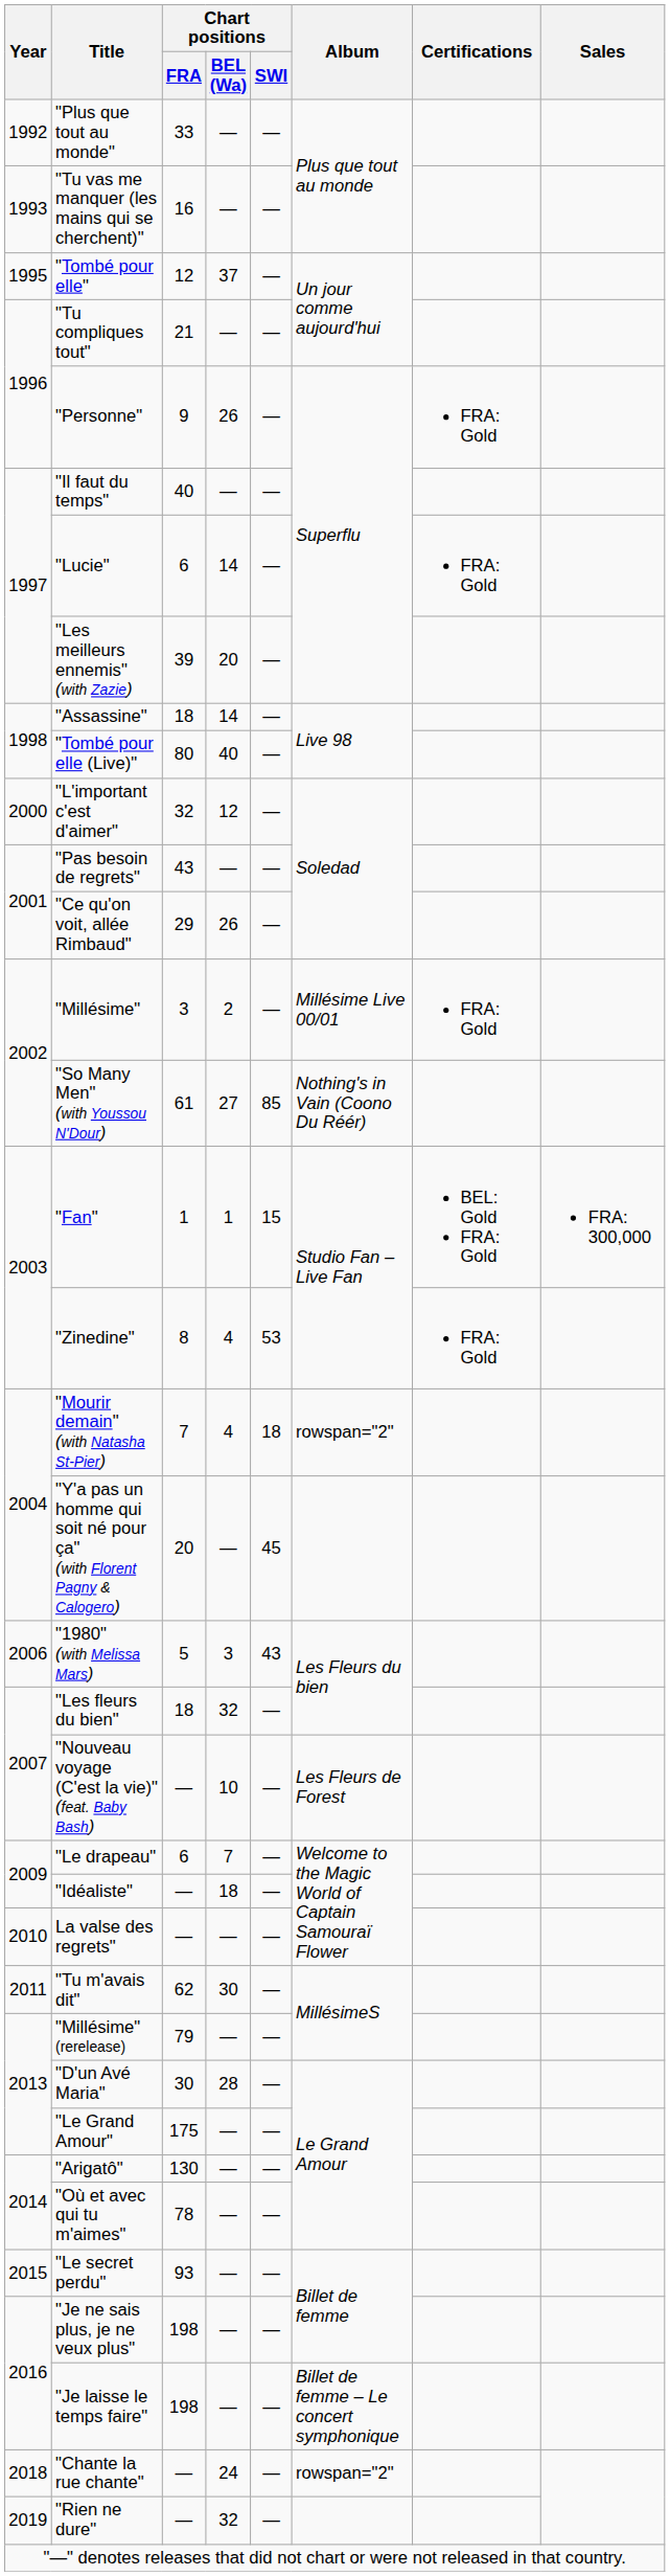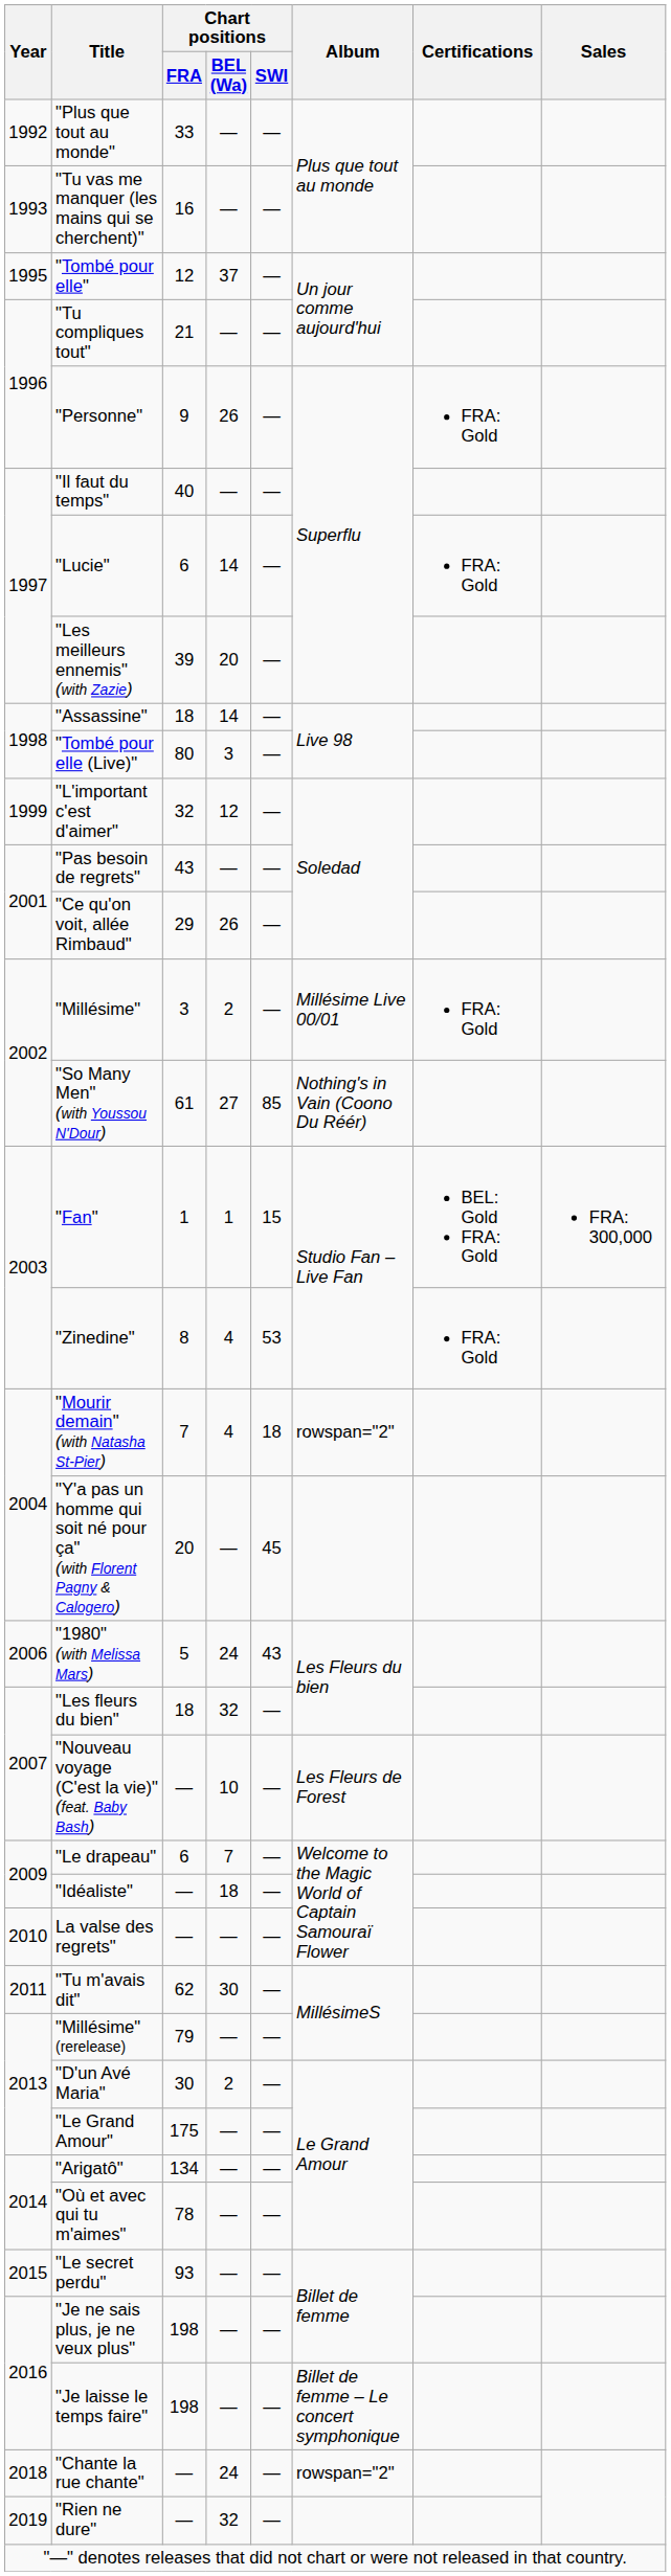 <table class="wikitable">
 <tr>
 <th rowspan="2" width="10">Year</th>
 <th rowspan="2" width="180">Title</th>
 <th colspan="3">Chart positions</th>
 <th rowspan="2" width="180">Album</th>
 <th rowspan="2" width="180">Certifications</th>
 <th rowspan="2" width="180">Sales</th>
 </tr>
 <tr>
 <th width="30" align="center"><a href='#'>FRA</a><br></th>
 <th width="30" align="center"><a href='#'>BEL (Wa)</a><br></th>
 <th width="30" align="center"><a href='#'>SWI</a><br></th>
 </tr>
 <tr>
 <td>1992</td>
 <td align="left">"Plus que tout au monde"</td>
 <td align="center">33</td>
 <td align="center">—</td>
 <td align="center">—</td>
 <td rowspan="2" align="left"><em>Plus que tout au monde</em></td>
 <td></td>
 <td></td>
 </tr>
 <tr>
 <td>1993</td>
 <td align="left">"Tu vas me manquer (les mains qui se cherchent)"</td>
 <td align="center">16</td>
 <td align="center">—</td>
 <td align="center">—</td>
 <td></td>
 <td></td>
 </tr>
 <tr>
 <td>1995</td>
 <td align="left">"<a href='#'>Tombé pour elle</a>"</td>
 <td align="center">12</td>
 <td align="center">37</td>
 <td align="center">—</td>
 <td rowspan="2" align="left"><em>Un jour comme aujourd'hui</em></td>
 <td></td>
 <td></td>
 </tr>
 <tr>
 <td rowspan="2" align="center">1996</td>
 <td align="left">"Tu compliques tout"</td>
 <td align="center">21</td>
 <td align="center">—</td>
 <td align="center">—</td>
 <td></td>
 <td></td>
 </tr>
 <tr>
 <td align="left">"Personne"</td>
 <td align="center">9</td>
 <td align="center">26</td>
 <td align="center">—</td>
 <td rowspan="4" align="left"><em>Superflu</em></td>
 <td><br><ul><li>FRA: Gold</li></ul></td>
 <td></td>
 </tr>
 <tr>
 <td rowspan="3" align="center">1997</td>
 <td align="left">"Il faut du temps"</td>
 <td align="center">40</td>
 <td align="center">—</td>
 <td align="center">—</td>
 <td></td>
 <td></td>
 </tr>
 <tr>
 <td align="left">"Lucie"</td>
 <td align="center">6</td>
 <td align="center">14</td>
 <td align="center">—</td>
 <td><br><ul><li>FRA: Gold</li></ul></td>
 <td></td>
 </tr>
 <tr>
 <td align="left">"Les meilleurs ennemis"<br><em>(<small>with <a href='#'>Zazie</a></small>)</em></td>
 <td align="center">39</td>
 <td align="center">20</td>
 <td align="center">—</td>
 <td></td>
 <td></td>
 </tr>
 <tr>
 <td rowspan="2" align="center">1998</td>
 <td align="left">"Assassine"</td>
 <td align="center">18</td>
 <td align="center">14</td>
 <td align="center">—</td>
 <td rowspan="2" align="left"><em>Live 98</em></td>
 <td></td>
 <td></td>
 </tr>
 <tr>
 <td align="left">"<a href='#'>Tombé pour elle</a> (Live)"</td>
 <td align="center">80</td>
-<td align="center">40</td>
+<td align="center">3</td>
 <td align="center">—</td>
 <td></td>
 <td></td>
 </tr>
 <tr>
-<td>2000</td>
+<td>1999</td>
 <td align="left">"L'important c'est d'aimer"</td>
 <td align="center">32</td>
 <td align="center">12</td>
 <td align="center">—</td>
 <td rowspan="3" align="left"><em>Soledad</em></td>
 <td></td>
 <td></td>
 </tr>
 <tr>
 <td rowspan="2" align="center">2001</td>
 <td align="left">"Pas besoin de regrets"</td>
 <td align="center">43</td>
 <td align="center">—</td>
 <td align="center">—</td>
 <td></td>
 <td></td>
 </tr>
 <tr>
 <td align="left">"Ce qu'on voit, allée Rimbaud"</td>
 <td align="center">29</td>
 <td align="center">26</td>
 <td align="center">—</td>
 <td></td>
 <td></td>
 </tr>
 <tr>
 <td rowspan="2" align="center">2002</td>
 <td align="left">"Millésime"</td>
 <td align="center">3</td>
 <td align="center">2</td>
 <td align="center">—</td>
 <td align="left"><em>Millésime Live 00/01</em></td>
 <td><br><ul><li>FRA: Gold</li></ul></td>
 <td></td>
 </tr>
 <tr>
 <td align="left">"So Many Men"<br><em>(<small>with <a href='#'>Youssou N'Dour</a></small>)</em></td>
 <td align="center">61</td>
 <td align="center">27</td>
 <td align="center">85</td>
 <td align="left"><em>Nothing's in Vain (Coono Du Réér)</em></td>
 <td></td>
 <td></td>
 </tr>
 <tr>
 <td rowspan="2" align="center">2003</td>
 <td align="left">"<a href='#'>Fan</a>"</td>
 <td align="center">1</td>
 <td align="center">1</td>
 <td align="center">15</td>
 <td rowspan="2" align="left"><em>Studio Fan – Live Fan</em></td>
 <td><br><ul><li>BEL: Gold</li><li>FRA: Gold</li></ul></td>
 <td><br><ul><li>FRA: 300,000</li></ul></td>
 </tr>
 <tr>
 <td align="left">"Zinedine"</td>
 <td align="center">8</td>
 <td align="center">4</td>
 <td align="center">53</td>
 <td><br><ul><li>FRA: Gold</li></ul></td>
 <td></td>
 </tr>
 <tr>
 <td rowspan="2" align="center">2004</td>
 <td align="left">"<a href='#'>Mourir demain</a>"<br><em>(<small>with <a href='#'>Natasha St-Pier</a></small>)</em></td>
 <td align="center">7</td>
 <td align="center">4</td>
 <td align="center">18</td>
 <td>rowspan="2" </td>
 <td></td>
 <td></td>
 </tr>
 <tr>
 <td align="left">"Y'a pas un homme qui soit né pour ça"<br><em>(<small>with <a href='#'>Florent Pagny</a> & <a href='#'>Calogero</a></small>)</em></td>
 <td align="center">20</td>
 <td align="center">—</td>
 <td align="center">45</td>
 <td align="left"></td>
 <td></td>
 <td></td>
 </tr>
 <tr>
 <td>2006</td>
 <td align="left">"1980"<br><em>(<small>with <a href='#'>Melissa Mars</a></small>)</em></td>
 <td align="center">5</td>
-<td align="center">3</td>
+<td align="center">24</td>
 <td align="center">43</td>
 <td rowspan="2" align="left"><em>Les Fleurs du bien</em></td>
 <td></td>
 <td></td>
 </tr>
 <tr>
 <td rowspan="2" align="center">2007</td>
 <td align="left">"Les fleurs du bien"</td>
 <td align="center">18</td>
 <td align="center">32</td>
 <td align="center">—</td>
 <td></td>
 <td></td>
 </tr>
 <tr>
 <td align="left">"Nouveau voyage (C'est la vie)"<br><em>(<small>feat. <a href='#'>Baby Bash</a></small>)</em></td>
 <td align="center">—</td>
 <td align="center">10</td>
 <td align="center">—</td>
 <td align="left"><em>Les Fleurs de Forest</em></td>
 <td></td>
 <td></td>
 </tr>
 <tr>
 <td rowspan="2" align="center">2009</td>
 <td align="left">"Le drapeau"</td>
 <td align="center">6</td>
 <td align="center">7</td>
 <td align="center">—</td>
 <td rowspan="3" align="left"><em>Welcome to the Magic World of Captain Samouraï Flower</em></td>
 <td></td>
 <td></td>
 </tr>
 <tr>
 <td align="left">"Idéaliste"</td>
 <td align="center">—</td>
 <td align="center">18</td>
 <td align="center">—</td>
 <td></td>
 <td></td>
 </tr>
 <tr>
 <td align="center">2010</td>
 <td align="left">La valse des regrets"</td>
 <td align="center">—</td>
 <td align="center">—</td>
 <td align="center">—</td>
 <td></td>
 <td></td>
 </tr>
 <tr>
 <td align="center">2011</td>
 <td align="left">"Tu m'avais dit"</td>
 <td align="center">62</td>
 <td align="center">30</td>
 <td align="center">—</td>
 <td rowspan="2" align="left"><em>MillésimeS</em></td>
 <td></td>
 <td></td>
 </tr>
 <tr>
 <td rowspan="3" align="center">2013</td>
 <td align="left">"Millésime" <small>(rerelease)</small></td>
 <td align="center">79</td>
 <td align="center">—</td>
 <td align="center">—</td>
 <td></td>
 <td></td>
 </tr>
 <tr>
 <td align="left">"D'un Avé Maria"</td>
 <td align="center">30</td>
-<td align="center">28</td>
+<td align="center">2</td>
 <td align="center">—</td>
 <td rowspan="4" align="left"><em>Le Grand Amour</em></td>
 <td></td>
 <td></td>
 </tr>
 <tr>
 <td align="left">"Le Grand Amour"</td>
 <td align="center">175</td>
 <td align="center">—</td>
 <td align="center">—</td>
 <td></td>
 <td></td>
 </tr>
 <tr>
 <td rowspan="2" align="center">2014</td>
 <td align="left">"Arigatô"</td>
-<td align="center">130</td>
+<td align="center">134</td>
 <td align="center">—</td>
 <td align="center">—</td>
 <td></td>
 <td></td>
 </tr>
 <tr>
 <td align="left">"Où et avec qui tu m'aimes"</td>
 <td align="center">78</td>
 <td align="center">—</td>
 <td align="center">—</td>
 <td></td>
 <td></td>
 </tr>
 <tr>
 <td align="center">2015</td>
 <td align="left">"Le secret perdu"</td>
 <td align="center">93</td>
 <td align="center">—</td>
 <td align="center">—</td>
 <td rowspan="2" align="left"><em>Billet de femme</em></td>
 <td></td>
 <td></td>
 </tr>
 <tr>
 <td rowspan="2" align="center">2016</td>
 <td align="left">"Je ne sais plus, je ne veux plus"</td>
 <td align="center">198</td>
 <td align="center">—</td>
 <td align="center">—</td>
 <td></td>
 <td></td>
 </tr>
 <tr>
 <td align="left">"Je laisse le temps faire"</td>
 <td align="center">198<br></td>
 <td align="center">—</td>
 <td align="center">—</td>
 <td align="left"><em>Billet de femme – Le concert symphonique</em></td>
 <td></td>
 <td></td>
 </tr>
 <tr>
 <td align="center">2018</td>
 <td align="left">"Chante la rue chante"</td>
 <td align="center">—</td>
 <td align="center">24</td>
 <td align="center">—</td>
 <td>rowspan="2" </td>
 <td></td>
 </tr>
 <tr>
 <td align="center">2019</td>
 <td align="left">"Rien ne dure"</td>
 <td align="center">—</td>
 <td align="center">32</td>
 <td align="center">—</td>
 <td></td>
 <td></td>
 </tr>
 <tr>
 <td colspan="16" align="center">"—" denotes releases that did not chart or were not released in that country.</td>
 </tr>
 </table>
